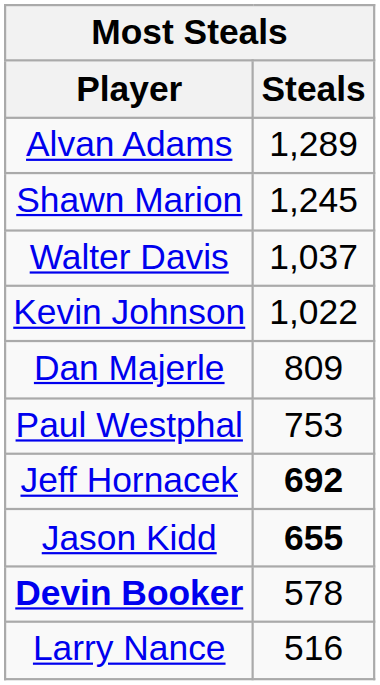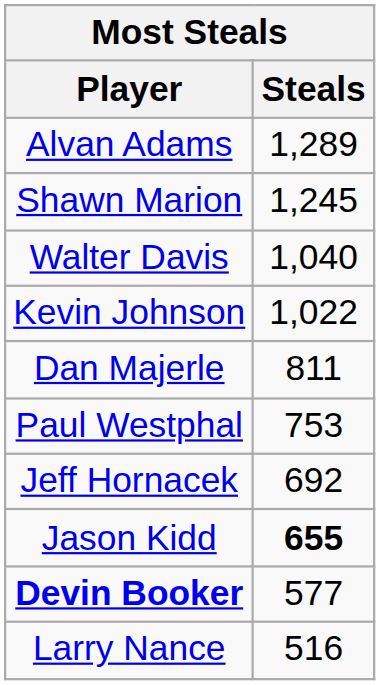 <table class="wikitable sortable" style="text-align:center">
 <tr>
 <th colspan="5">Most Steals</th>
 </tr>
 <tr>
 <th>Player</th>
 <th>Steals</th>
 </tr>
 <tr>
 <td><a href='#'>Alvan Adams</a></td>
 <td>1,289</td>
 </tr>
 <tr>
 <td><a href='#'>Shawn Marion</a></td>
 <td>1,245</td>
 </tr>
 <tr>
 <td><a href='#'>Walter Davis</a></td>
-<td>1,037</td>
+<td>1,040</td>
 </tr>
 <tr>
 <td><a href='#'>Kevin Johnson</a></td>
 <td>1,022</td>
 </tr>
 <tr>
 <td><a href='#'>Dan Majerle</a></td>
-<td>809</td>
+<td>811</td>
 </tr>
 <tr>
 <td><a href='#'>Paul Westphal</a></td>
 <td>753</td>
 </tr>
 <tr>
 <td><a href='#'>Jeff Hornacek</a></td>
-<td><strong>692</strong></td>
+<td>692</td>
 </tr>
 <tr>
 <td><a href='#'>Jason Kidd</a></td>
 <td><strong>655</strong></td>
 </tr>
 <tr>
 <td><strong><a href='#'>Devin Booker</a></strong></td>
-<td>578</td>
+<td>577</td>
 </tr>
 <tr>
 <td><a href='#'>Larry Nance</a></td>
 <td>516</td>
 </tr>
 </table>
